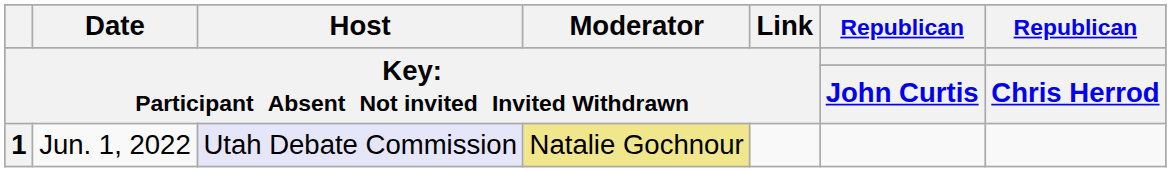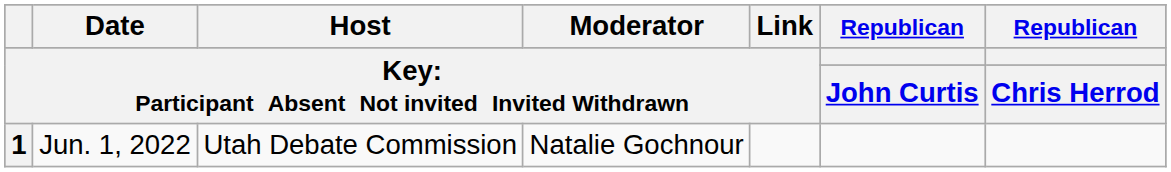 <table class="wikitable" style="text-align:center;">
 <tr>
 <th scope="col"></th>
 <th scope="col">Date</th>
 <th scope="col">Host</th>
 <th scope="col">Moderator</th>
 <th scope="col">Link</th>
 <th scope="col"><small><a href='#'>Republican</a></small></th>
 <th scope="col"><small><a href='#'>Republican</a></small></th>
 </tr>
 <tr>
 <th colspan="5" rowspan="2">Key:<br> <small>Participant </small>  <small>Absent </small>  <small>Not invited </small>  <small>Invited  Withdrawn</small></th>
 <th scope="col" style="background:"></th>
 <th scope="col" style="background:"></th>
 </tr>
 <tr>
 <th scope="col"><a href='#'>John Curtis</a></th>
 <th scope="col"><a href='#'>Chris Herrod</a></th>
 </tr>
 <tr>
 <th>1</th>
 <td style="white-space:nowrap;">Jun. 1, 2022</td>
-<td style="background: lavender; white-space:nowrap;">Utah Debate Commission</td>
-<td style="background: khaki; white-space:nowrap;">Natalie Gochnour</td>
+<td style="white-space:nowrap;">Utah Debate Commission</td>
+<td style="white-space:nowrap;">Natalie Gochnour</td>
 <td style="white-space:nowrap;"></td>
 <td></td>
 <td></td>
 </tr>
 </table>
